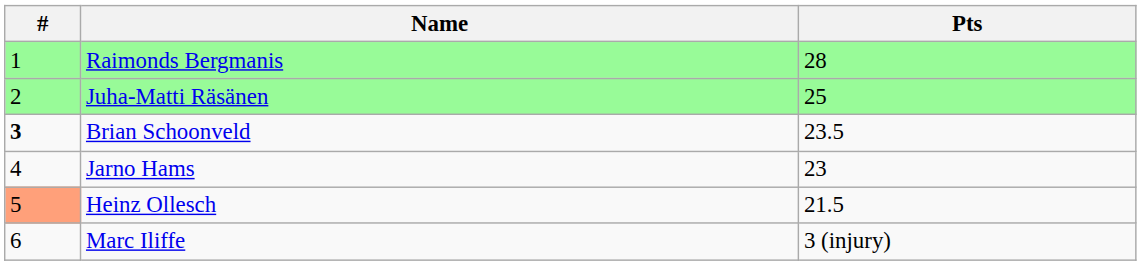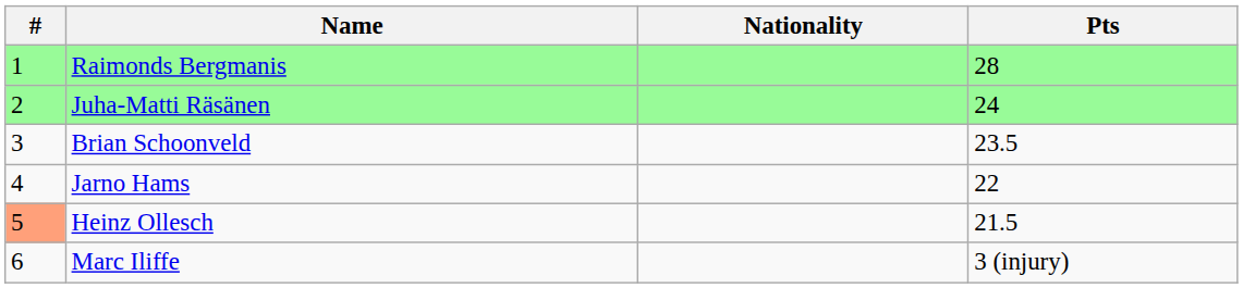 <table class="wikitable" style="display: inline-table; width: 50%;">
 <tr>
 <th>#</th>
 <th>Name</th>
+<th>Nationality</th>
 <th>Pts</th>
 </tr>
 <tr style="background:palegreen;">
 <td>1</td>
 <td><a href='#'>Raimonds Bergmanis</a></td>
+<td></td>
 <td>28</td>
 </tr>
 <tr style="background:palegreen;">
 <td>2</td>
 <td><a href='#'>Juha-Matti Räsänen</a></td>
-<td>25</td>
+<td></td>
+<td>24</td>
 </tr>
 <tr>
-<td><strong>3</strong></td>
+<td>3</td>
 <td><a href='#'>Brian Schoonveld</a></td>
+<td></td>
 <td>23.5</td>
 </tr>
 <tr>
 <td>4</td>
 <td><a href='#'>Jarno Hams</a></td>
-<td>23</td>
+<td></td>
+<td>22</td>
 </tr>
 <tr>
 <td style="background: lightsalmon;">5</td>
 <td><a href='#'>Heinz Ollesch</a></td>
+<td></td>
 <td>21.5</td>
 </tr>
 <tr>
 <td>6</td>
 <td><a href='#'>Marc Iliffe</a></td>
+<td></td>
 <td>3 (injury)</td>
 </tr>
 </table>
